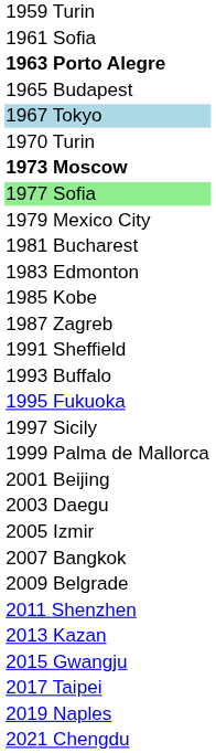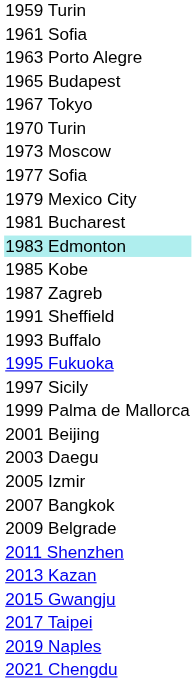 <table>
 <tr>
 <td>1959 Turin</td>
 <td></td>
 <td></td>
 <td></td>
 </tr>
 <tr>
 <td>1961 Sofia</td>
 <td></td>
 <td></td>
 <td></td>
 </tr>
 <tr>
-<td><strong>1963 Porto Alegre</strong></td>
+<td>1963 Porto Alegre</td>
 <td></td>
 <td></td>
 <td></td>
 </tr>
 <tr>
 <td>1965 Budapest</td>
 <td></td>
 <td></td>
 <td></td>
 </tr>
 <tr>
-<td style="background: lightblue;">1967 Tokyo</td>
+<td>1967 Tokyo</td>
 <td></td>
 <td></td>
 <td></td>
 </tr>
 <tr>
 <td>1970 Turin</td>
 <td></td>
 <td></td>
 <td></td>
 </tr>
 <tr>
-<td><strong>1973 Moscow</strong></td>
+<td>1973 Moscow</td>
 <td></td>
 <td></td>
 <td></td>
 </tr>
 <tr>
-<td style="background: lightgreen;">1977 Sofia</td>
+<td>1977 Sofia</td>
 <td></td>
 <td></td>
 <td></td>
 </tr>
 <tr>
 <td>1979 Mexico City</td>
 <td></td>
 <td></td>
 <td></td>
 </tr>
 <tr>
 <td>1981 Bucharest</td>
 <td></td>
 <td></td>
 <td></td>
 </tr>
 <tr>
-<td>1983 Edmonton</td>
+<td style="background: paleturquoise;">1983 Edmonton</td>
 <td></td>
 <td></td>
 <td></td>
 </tr>
 <tr>
 <td>1985 Kobe</td>
 <td></td>
 <td></td>
 <td></td>
 </tr>
 <tr>
 <td rowspan=2>1987 Zagreb</td>
 <td rowspan=2></td>
 <td rowspan=2></td>
 <td></td>
 </tr>
 <tr>
 <td></td>
 </tr>
 <tr>
 <td rowspan=2>1991 Sheffield</td>
 <td rowspan=2></td>
 <td rowspan=2></td>
 <td></td>
 </tr>
 <tr>
 <td></td>
 </tr>
 <tr>
 <td rowspan=2>1993 Buffalo</td>
 <td rowspan=2></td>
 <td rowspan=2></td>
 <td></td>
 </tr>
 <tr>
 <td></td>
 </tr>
 <tr>
 <td rowspan=2><a href='#'>1995 Fukuoka</a></td>
 <td rowspan=2></td>
 <td rowspan=2></td>
 <td></td>
 </tr>
 <tr>
 <td></td>
 </tr>
 <tr>
 <td rowspan=2>1997 Sicily</td>
 <td rowspan=2></td>
 <td rowspan=2></td>
 <td></td>
 </tr>
 <tr>
 <td></td>
 </tr>
 <tr>
 <td rowspan=2>1999 Palma de Mallorca</td>
 <td rowspan=2></td>
 <td rowspan=2></td>
 <td></td>
 </tr>
 <tr>
 <td></td>
 </tr>
 <tr>
 <td rowspan=2>2001 Beijing</td>
 <td rowspan=2></td>
 <td rowspan=2></td>
 <td></td>
 </tr>
 <tr>
 <td></td>
 </tr>
 <tr>
 <td rowspan=2>2003 Daegu</td>
 <td rowspan=2></td>
 <td rowspan=2></td>
 <td></td>
 </tr>
 <tr>
 <td></td>
 </tr>
 <tr>
 <td rowspan=2>2005 Izmir</td>
 <td rowspan=2></td>
 <td rowspan=2></td>
 <td></td>
 </tr>
 <tr>
 <td></td>
 </tr>
 <tr>
 <td rowspan=2>2007 Bangkok</td>
 <td rowspan=2></td>
 <td rowspan=2></td>
 <td></td>
 </tr>
 <tr>
 <td></td>
 </tr>
 <tr>
 <td rowspan=2>2009 Belgrade</td>
 <td rowspan=2></td>
 <td rowspan=2></td>
 <td></td>
 </tr>
 <tr>
 <td></td>
 </tr>
 <tr>
 <td rowspan=2><a href='#'>2011 Shenzhen</a></td>
 <td rowspan=2></td>
 <td rowspan=2></td>
 <td></td>
 </tr>
 <tr>
 <td></td>
 </tr>
 <tr>
 <td rowspan=2><a href='#'>2013 Kazan</a></td>
 <td rowspan=2></td>
 <td rowspan=2></td>
 <td></td>
 </tr>
 <tr>
 <td></td>
 </tr>
 <tr>
 <td rowspan=2><a href='#'>2015 Gwangju</a></td>
 <td rowspan=2></td>
 <td rowspan=2></td>
 <td></td>
 </tr>
 <tr>
 <td></td>
 </tr>
 <tr>
 <td rowspan=2><a href='#'>2017 Taipei</a></td>
 <td rowspan=2></td>
 <td rowspan=2></td>
 <td></td>
 </tr>
 <tr>
 <td></td>
 </tr>
 <tr>
 <td rowspan=2><a href='#'>2019 Naples</a></td>
 <td rowspan=2></td>
 <td rowspan=2></td>
 <td></td>
 </tr>
 <tr>
 <td></td>
 </tr>
 <tr>
 <td rowspan=2><a href='#'>2021 Chengdu</a></td>
 <td rowspan=2></td>
 <td rowspan=2></td>
 <td></td>
 </tr>
 <tr>
 <td></td>
 </tr>
 </table>
